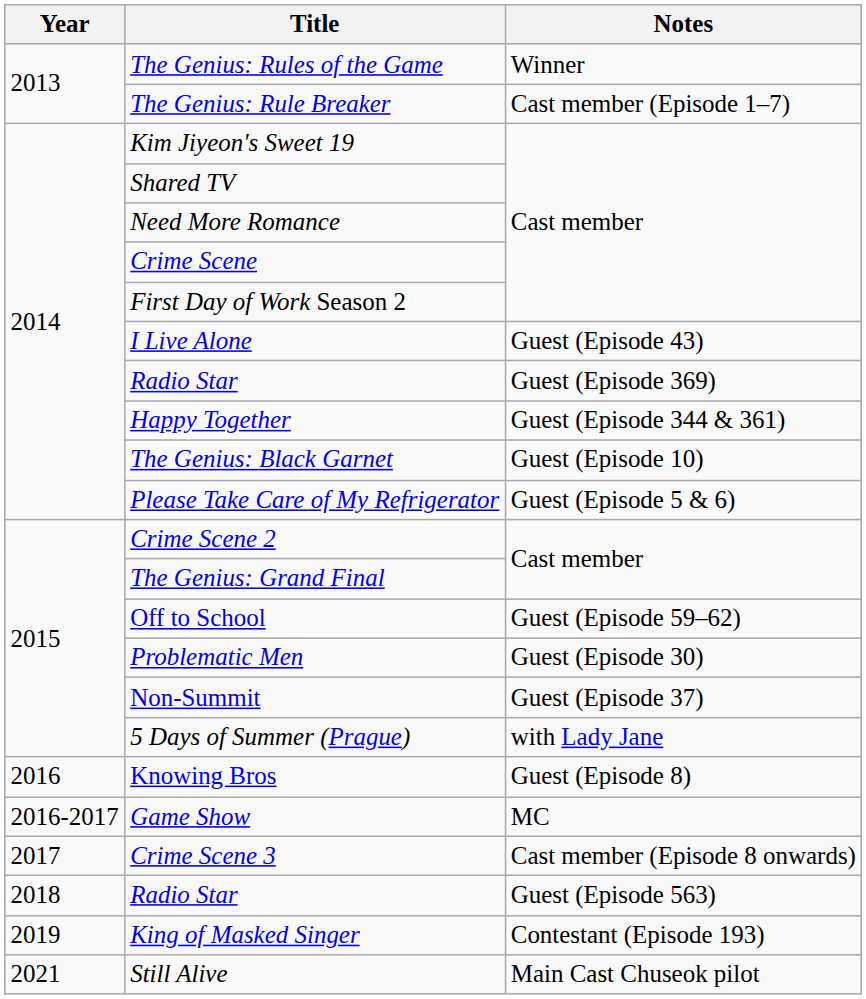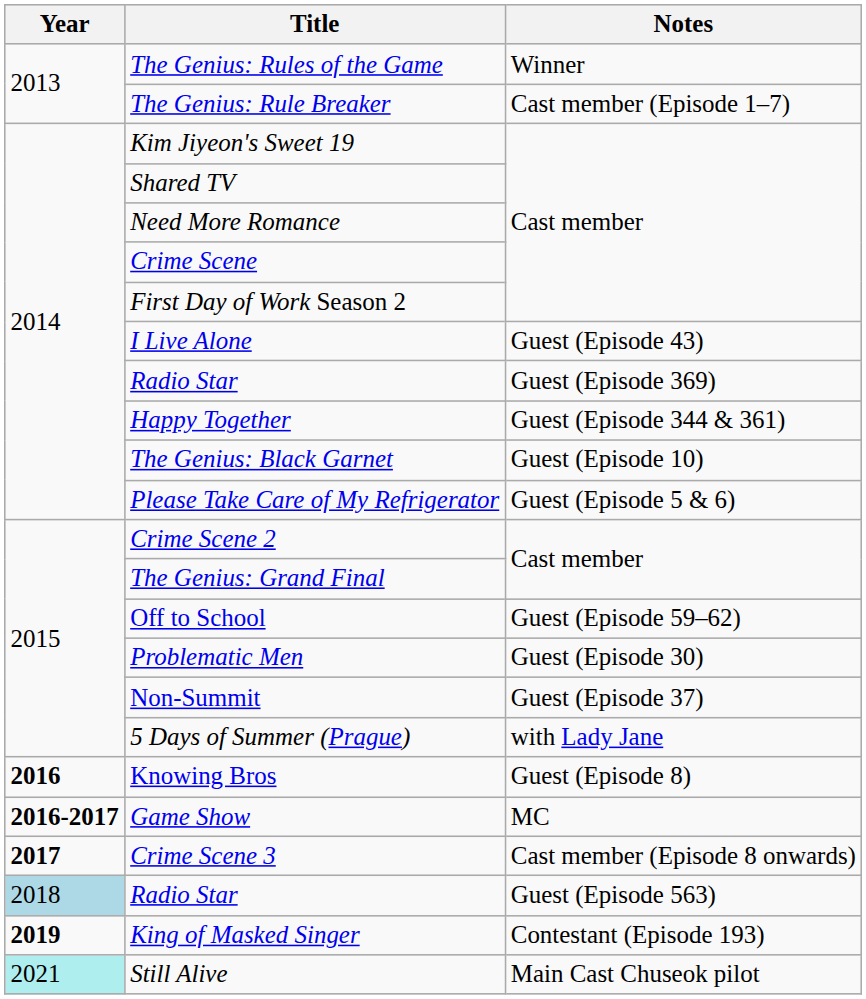 <table class="wikitable">
 <tr>
 <th>Year</th>
 <th>Title</th>
 <th>Notes</th>
 </tr>
 <tr>
 <td rowspan="2">2013</td>
 <td><em><a href='#'>The Genius: Rules of the Game</a></em></td>
 <td>Winner</td>
 </tr>
 <tr>
 <td><em><a href='#'>The Genius: Rule Breaker</a></em></td>
 <td>Cast member (Episode 1–7)</td>
 </tr>
 <tr>
 <td rowspan="10">2014</td>
 <td><em>Kim Jiyeon's Sweet 19</em></td>
 <td rowspan="5">Cast member</td>
 </tr>
 <tr>
 <td><em>Shared TV</em></td>
 </tr>
 <tr>
 <td><em>Need More Romance</em></td>
 </tr>
 <tr>
 <td><a href='#'><em>Crime Scene</em></a></td>
 </tr>
 <tr>
 <td><em>First Day of Work</em> Season 2</td>
 </tr>
 <tr>
 <td><em><a href='#'>I Live Alone</a></em></td>
 <td>Guest (Episode 43)</td>
 </tr>
 <tr>
 <td><em><a href='#'>Radio Star</a></em></td>
 <td>Guest (Episode 369)</td>
 </tr>
 <tr>
 <td><em><a href='#'>Happy Together</a></em></td>
 <td>Guest (Episode 344 & 361)</td>
 </tr>
 <tr>
 <td><em><a href='#'>The Genius: Black Garnet</a></em></td>
 <td>Guest (Episode 10)</td>
 </tr>
 <tr>
 <td><em><a href='#'>Please Take Care of My Refrigerator</a></em></td>
 <td>Guest (Episode 5 & 6)</td>
 </tr>
 <tr>
 <td rowspan="6">2015</td>
 <td><a href='#'><em>Crime Scene 2</em></a></td>
 <td rowspan="2">Cast member</td>
 </tr>
 <tr>
 <td><em><a href='#'>The Genius: Grand Final</a></em></td>
 </tr>
 <tr>
 <td><a href='#'>Off to School</a></td>
 <td>Guest (Episode 59–62)</td>
 </tr>
 <tr>
 <td><em><a href='#'>Problematic Men</a></em></td>
 <td>Guest (Episode 30)</td>
 </tr>
 <tr>
 <td><a href='#'>Non-Summit</a></td>
 <td>Guest (Episode 37)</td>
 </tr>
 <tr>
 <td><em>5 Days of Summer (<a href='#'>Prague</a>)</em></td>
 <td>with <a href='#'>Lady Jane</a></td>
 </tr>
 <tr>
-<td>2016</td>
+<td><strong>2016</strong></td>
 <td><a href='#'>Knowing Bros</a></td>
 <td>Guest (Episode 8)</td>
 </tr>
 <tr>
-<td>2016-2017</td>
+<td><strong>2016-2017</strong></td>
 <td><a href='#'><em>Game Show</em></a></td>
 <td>MC</td>
 </tr>
 <tr>
-<td>2017</td>
+<td><strong>2017</strong></td>
 <td><a href='#'><em>Crime Scene 3</em></a></td>
 <td>Cast member (Episode 8 onwards)</td>
 </tr>
 <tr>
-<td>2018</td>
+<td style="background: lightblue;">2018</td>
 <td><em><a href='#'>Radio Star</a></em></td>
 <td>Guest (Episode 563)</td>
 </tr>
 <tr>
-<td>2019</td>
+<td><strong>2019</strong></td>
 <td><em><a href='#'>King of Masked Singer</a></em></td>
 <td>Contestant (Episode 193)</td>
 </tr>
 <tr>
-<td>2021</td>
+<td style="background: paleturquoise;">2021</td>
 <td><em>Still Alive</em></td>
 <td>Main Cast Chuseok pilot</td>
 </tr>
 </table>
